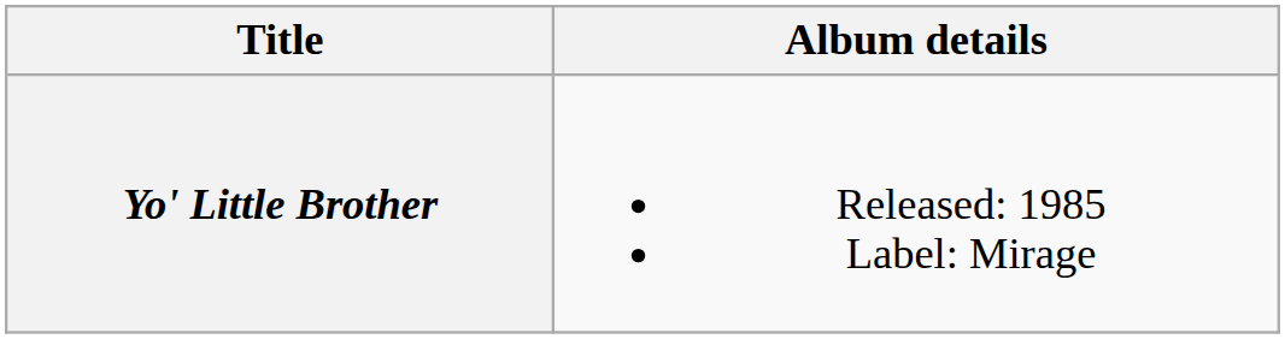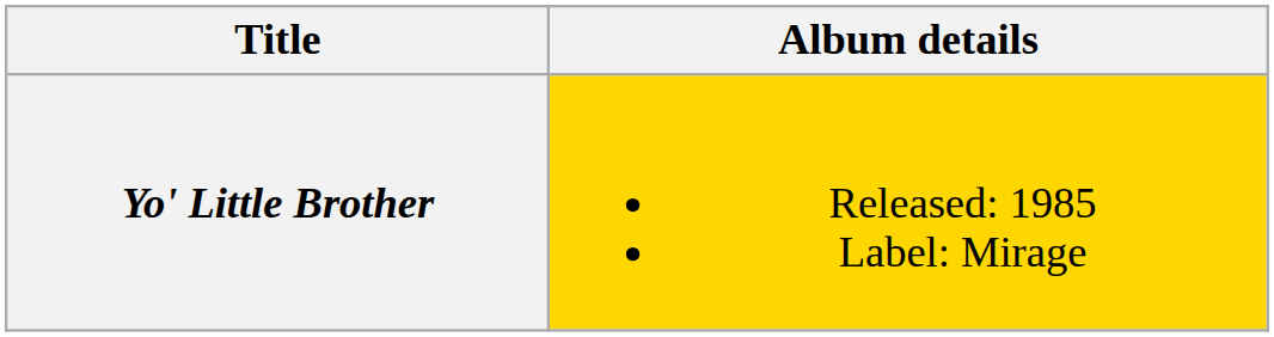 <table class="wikitable plainrowheaders" style="text-align:center;">
 <tr>
 <th scope="col" style="width:12em;">Title</th>
 <th scope="col" style="width:16em;">Album details</th>
 </tr>
 <tr>
 <th scope="row"><em>Yo' Little Brother</em></th>
-<td><br><ul><li>Released: 1985</li><li>Label: Mirage</li></ul></td>
+<td style="background: gold;"><br><ul><li>Released: 1985</li><li>Label: Mirage</li></ul></td>
 </tr>
 </table>
